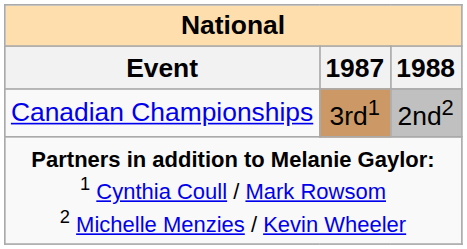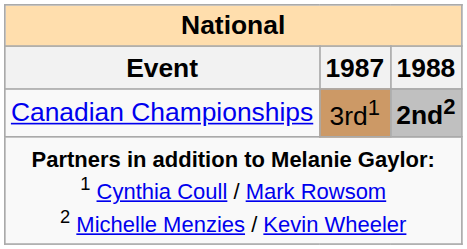 <table class="wikitable" style="text-align:center">
 <tr>
 <th style="background-color: #ffdead; " colspan=3 align=center>National</th>
 </tr>
 <tr>
 <th>Event</th>
 <th>1987</th>
 <th>1988</th>
 </tr>
 <tr>
 <td align=left><a href='#'>Canadian Championships</a></td>
 <td bgcolor=cc9966>3rd<sup>1</sup></td>
-<td bgcolor=silver>2nd<sup>2</sup></td>
+<td bgcolor=silver><strong>2nd<sup>2</sup></strong></td>
 </tr>
 <tr>
 <td colspan=3 align=center><small> <strong>Partners in addition to Melanie Gaylor:</strong> <br> <sup>1</sup> <a href='#'>Cynthia Coull</a> / <a href='#'>Mark Rowsom</a> <br> <sup>2</sup> <a href='#'>Michelle Menzies</a> / <a href='#'>Kevin Wheeler</a> </small></td>
 </tr>
 </table>
